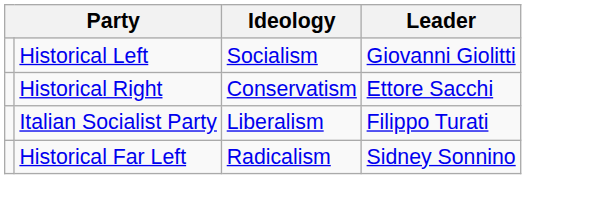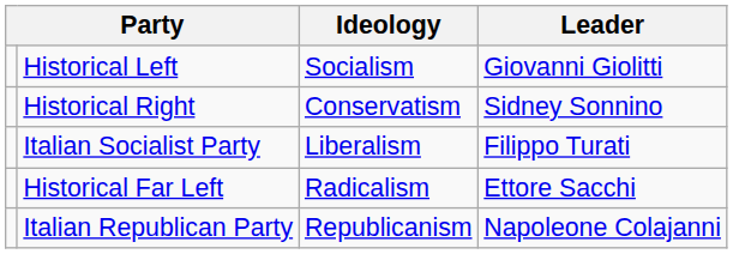 <table class=wikitable>
 <tr>
 <th colspan=2>Party</th>
 <th>Ideology</th>
 <th>Leader</th>
 </tr>
 <tr>
 <td></td>
 <td><a href='#'>Historical Left</a></td>
 <td><a href='#'>Socialism</a></td>
 <td><a href='#'>Giovanni Giolitti</a></td>
 </tr>
 <tr>
 <td></td>
 <td><a href='#'>Historical Right</a></td>
 <td><a href='#'>Conservatism</a></td>
-<td><a href='#'>Ettore Sacchi</a></td>
+<td><a href='#'>Sidney Sonnino</a></td>
 </tr>
 <tr>
 <td></td>
 <td><a href='#'>Italian Socialist Party</a></td>
 <td><a href='#'>Liberalism</a></td>
 <td><a href='#'>Filippo Turati</a></td>
 </tr>
 <tr>
 <td></td>
 <td><a href='#'>Historical Far Left</a></td>
 <td><a href='#'>Radicalism</a></td>
-<td><a href='#'>Sidney Sonnino</a></td>
+<td><a href='#'>Ettore Sacchi</a></td>
+</tr>
+<tr>
+<td></td>
+<td><a href='#'>Italian Republican Party</a></td>
+<td><a href='#'>Republicanism</a></td>
+<td><a href='#'>Napoleone Colajanni</a></td>
 </tr>
 </table>
